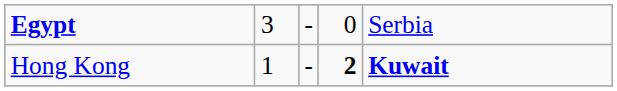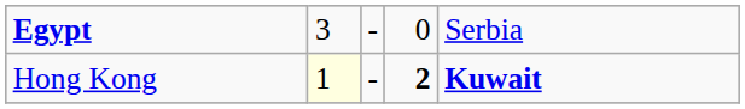 <table class="wikitable">
 <tr>
 <td width=150> <strong><a href='#'>Egypt</a></strong></td>
 <td style="width:20px; text-align:left;">3</td>
 <td>-</td>
 <td style="width:20px; text-align:right;">0</td>
 <td width=150> <a href='#'>Serbia</a></td>
 </tr>
 <tr>
 <td> <a href='#'>Hong Kong</a></td>
-<td style="text-align:left;">1</td>
+<td style="background: lightyellow; text-align:left;">1</td>
 <td>-</td>
 <td style="text-align:right;"><strong>2</strong></td>
 <td> <strong><a href='#'>Kuwait</a></strong></td>
 </tr>
 </table>
